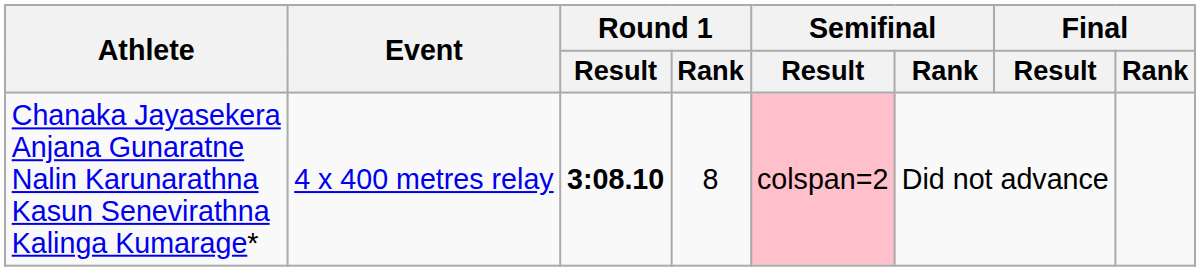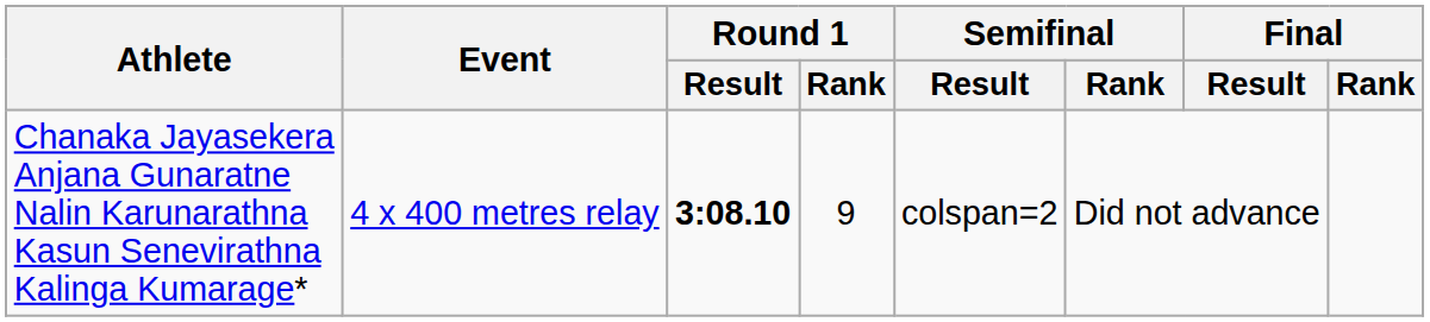 <table class=wikitable style="font-size:90%">
 <tr>
 <th rowspan="2">Athlete</th>
 <th rowspan="2">Event</th>
 <th colspan="2">Round 1</th>
 <th colspan="2">Semifinal</th>
 <th colspan="2">Final</th>
 </tr>
 <tr style="font-size:95%">
 <th>Result</th>
 <th>Rank</th>
 <th>Result</th>
 <th>Rank</th>
 <th>Result</th>
 <th>Rank</th>
 </tr>
 <tr align=center>
 <td align=left><a href='#'>Chanaka Jayasekera</a><br><a href='#'>Anjana Gunaratne</a><br><a href='#'>Nalin Karunarathna</a><br><a href='#'>Kasun Senevirathna</a><br><a href='#'>Kalinga Kumarage</a>*</td>
 <td align=left><a href='#'>4 x 400 metres relay</a></td>
 <td><strong>3:08.10</strong></td>
-<td>8</td>
-<td style="background: pink;">colspan=2 </td>
+<td>9</td>
+<td>colspan=2 </td>
 <td colspan="2">Did not advance</td>
 </tr>
 </table>
